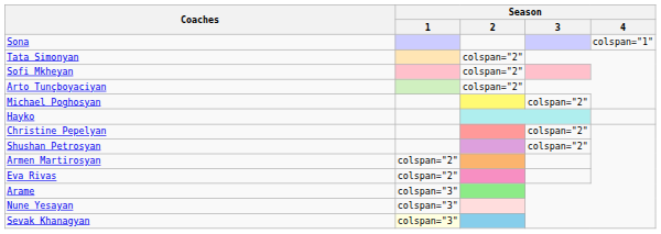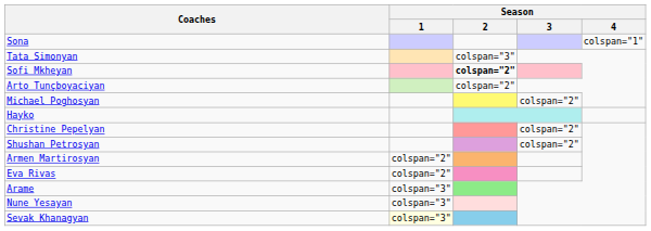 <table class="wikitable">
 <tr>
 <th rowspan="2" width="135">Coaches</th>
 <th colspan="5">Season</th>
 </tr>
 <tr>
 <th width="10%">1</th>
 <th width="10%">2</th>
 <th width="10%">3</th>
 <th width="10%">4</th>
 </tr>
 <tr>
 <td><a href='#'>Sona</a></td>
 <td bgcolor="#ccf"></td>
 <td></td>
 <td bgcolor="#ccf"></td>
 <td>colspan="1" </td>
 </tr>
 <tr>
 <td><a href='#'>Tata Simonyan</a></td>
 <td bgcolor="#ffe5b4"></td>
-<td>colspan="2" </td>
+<td>colspan="3" </td>
 </tr>
 <tr>
 <td><a href='#'>Sofi Mkheyan</a></td>
 <td bgcolor="pink"></td>
-<td>colspan="2" </td>
+<td><strong>colspan="2" </strong></td>
 <td bgcolor="pink"></td>
 </tr>
 <tr>
 <td><a href='#'>Arto Tunçboyaciyan</a></td>
 <td bgcolor="#d0f0c0"></td>
 <td>colspan="2" </td>
 </tr>
 <tr>
 <td><a href='#'>Michael Poghosyan</a></td>
 <td></td>
 <td bgcolor="#fffa73"></td>
 <td>colspan="2" </td>
 </tr>
 <tr>
 <td><a href='#'>Hayko</a></td>
 <td></td>
 <td colspan="2" bgcolor="#afeeee"></td>
 <td></td>
 </tr>
 <tr>
 <td><a href='#'>Christine Pepelyan</a></td>
 <td></td>
 <td bgcolor="#ff9999"></td>
 <td>colspan="2" </td>
 </tr>
 <tr>
 <td><a href='#'>Shushan Petrosyan</a></td>
 <td></td>
 <td bgcolor="#dda0dd"></td>
 <td>colspan="2" </td>
 </tr>
 <tr>
 <td><a href='#'>Armen Martirosyan</a></td>
 <td>colspan="2" </td>
 <td bgcolor="#fbb46e"></td>
 <td></td>
 </tr>
 <tr>
 <td><a href='#'>Eva Rivas</a></td>
 <td>colspan="2" </td>
 <td bgcolor="#f78fc2"></td>
 <td></td>
 </tr>
 <tr>
 <td><a href='#'>Arame</a></td>
 <td>colspan="3" </td>
 <td bgcolor="#8ceb87"></td>
 </tr>
 <tr>
 <td><a href='#'>Nune Yesayan</a></td>
 <td>colspan="3" </td>
 <td bgcolor="#ffdddd"></td>
 </tr>
 <tr>
 <td><a href='#'>Sevak Khanagyan</a></td>
 <td style="background: lightyellow;">colspan="3" </td>
 <td bgcolor="#87ceeb"></td>
 </tr>
 </table>
